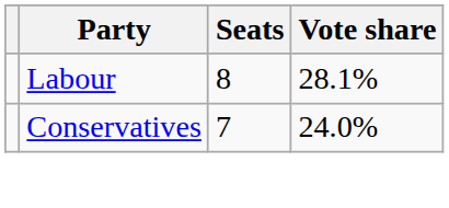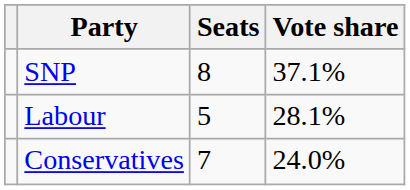 <table class="wikitable">
 <tr>
 <th></th>
 <th scope="col">Party</th>
 <th scope="col">Seats</th>
 <th scope="col">Vote share</th>
 </tr>
 <tr>
 <td style="background-color: "></td>
+<td><a href='#'>SNP</a></td>
+<td>8</td>
+<td>37.1%</td>
+</tr>
+<tr>
+<td style="background-color: "></td>
 <td><a href='#'>Labour</a></td>
-<td>8</td>
+<td>5</td>
 <td>28.1%</td>
 </tr>
 <tr>
 <td style="background-color: "></td>
 <td><a href='#'>Conservatives</a></td>
 <td>7</td>
 <td>24.0%</td>
 </tr>
 </table>
